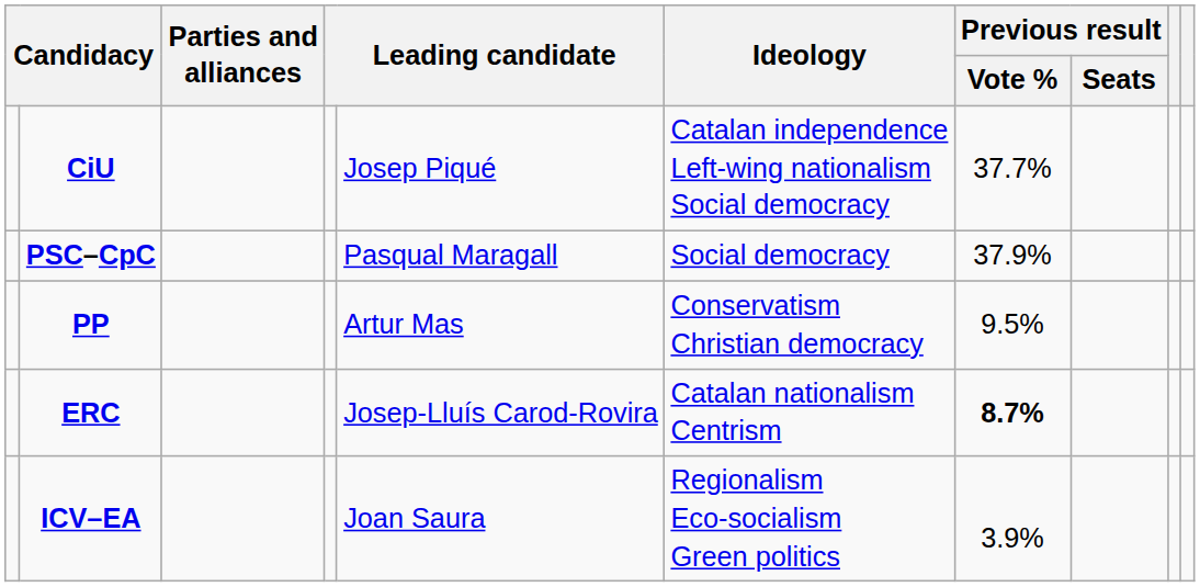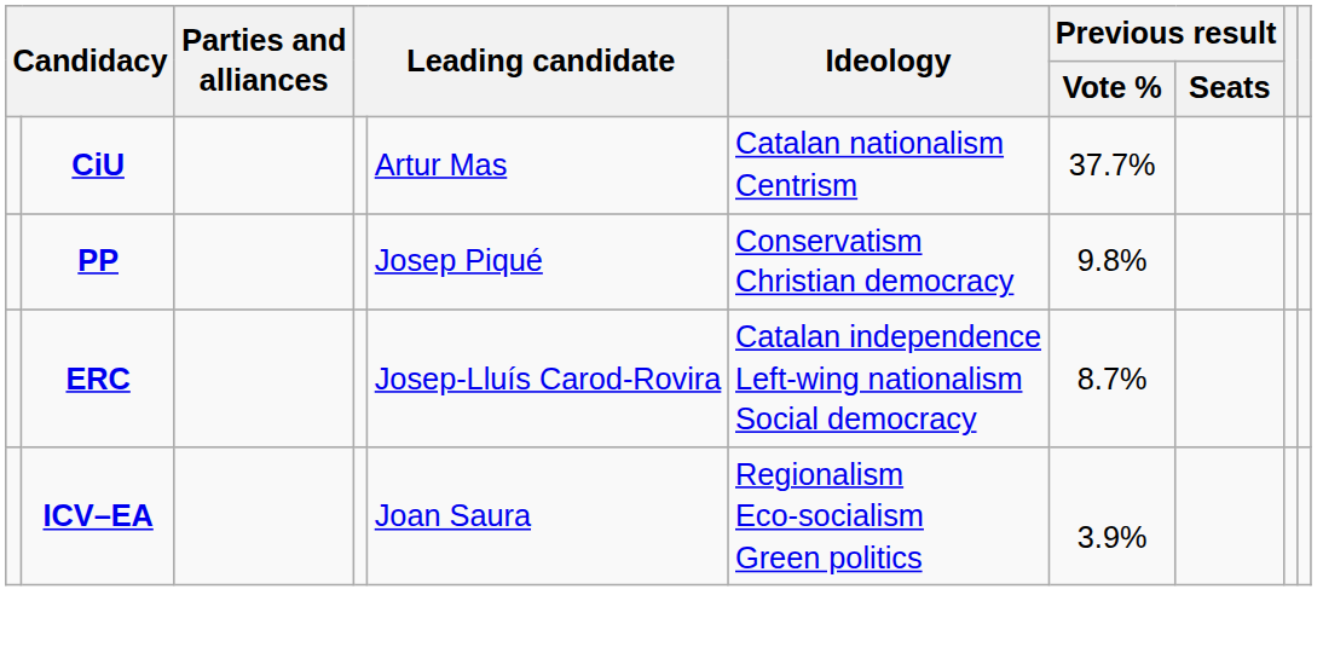 <table class="wikitable" style="line-height:1.35em; text-align:left;">
 <tr>
 <th colspan="2" rowspan="2">Candidacy</th>
 <th rowspan="2">Parties and<br>alliances</th>
 <th colspan="2" rowspan="2">Leading candidate</th>
 <th rowspan="2">Ideology</th>
 <th colspan="2">Previous result</th>
 <th rowspan="2"></th>
 <th rowspan="2"></th>
 </tr>
 <tr>
 <th>Vote %</th>
 <th>Seats</th>
 </tr>
 <tr>
 <td width="1" style="color:inherit;background:"></td>
 <td align="center"><strong><a href='#'>CiU</a></strong></td>
 <td></td>
 <td></td>
-<td><a href='#'>Josep Piqué</a></td>
-<td><a href='#'>Catalan independence</a><br><a href='#'>Left-wing nationalism</a><br><a href='#'>Social democracy</a></td>
+<td><a href='#'>Artur Mas</a></td>
+<td><a href='#'>Catalan nationalism</a><br><a href='#'>Centrism</a></td>
 <td align="center">37.7%</td>
 <td></td>
 <td></td>
 <td><br><br></td>
 </tr>
 <tr>
 <td style="color:inherit;background:"></td>
-<td align="center"><strong><a href='#'>PSC</a>–<a href='#'>CpC</a></strong></td>
-<td></td>
-<td></td>
-<td><a href='#'>Pasqual Maragall</a></td>
-<td><a href='#'>Social democracy</a></td>
-<td align="center">37.9%</td>
-<td></td>
-<td></td>
-<td></td>
-</tr>
-<tr>
-<td style="color:inherit;background:"></td>
 <td align="center"><strong><a href='#'>PP</a></strong></td>
 <td></td>
 <td></td>
-<td><a href='#'>Artur Mas</a></td>
+<td><a href='#'>Josep Piqué</a></td>
 <td><a href='#'>Conservatism</a><br><a href='#'>Christian democracy</a></td>
-<td align="center">9.5%</td>
+<td align="center">9.8%</td>
 <td></td>
 <td></td>
 <td><br><br></td>
 </tr>
 <tr>
 <td style="color:inherit;background:"></td>
 <td align="center"><strong><a href='#'>ERC</a></strong></td>
 <td></td>
 <td></td>
 <td><a href='#'>Josep-Lluís Carod-Rovira</a></td>
-<td><a href='#'>Catalan nationalism</a><br><a href='#'>Centrism</a></td>
-<td align="center"><strong>8.7%</strong></td>
+<td><a href='#'>Catalan independence</a><br><a href='#'>Left-wing nationalism</a><br><a href='#'>Social democracy</a></td>
+<td align="center">8.7%</td>
 <td></td>
 <td></td>
 <td></td>
 </tr>
 <tr>
 <td style="color:inherit;background:"></td>
 <td align="center"><strong><a href='#'>ICV–EA</a></strong></td>
 <td></td>
 <td></td>
 <td><a href='#'>Joan Saura</a></td>
 <td><a href='#'>Regionalism</a><br><a href='#'>Eco-socialism</a><br><a href='#'>Green politics</a></td>
 <td align="center"><br>3.9%<br></td>
 <td></td>
 <td></td>
 <td></td>
 </tr>
 </table>
